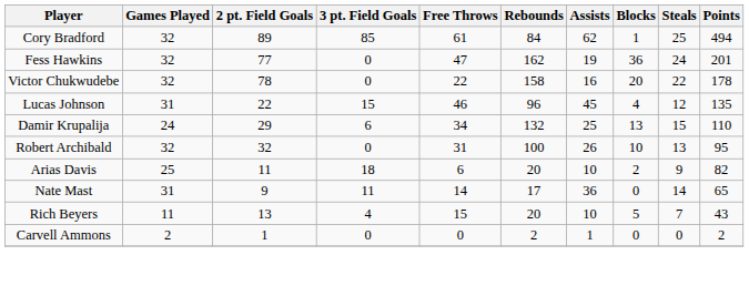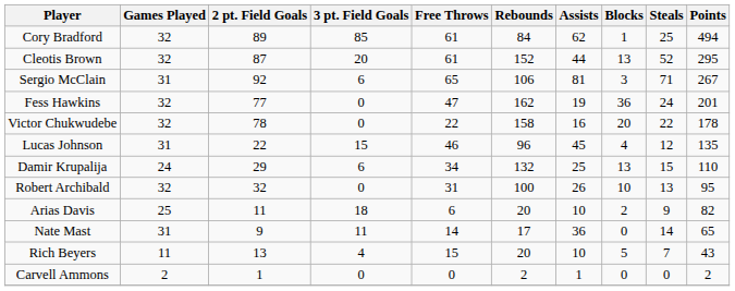 <table class="wikitable sortable" style="text-align:center">
 <tr>
 <th>Player</th>
 <th>Games Played</th>
 <th>2 pt. Field Goals</th>
 <th>3 pt. Field Goals</th>
 <th>Free Throws</th>
 <th>Rebounds</th>
 <th>Assists</th>
 <th>Blocks</th>
 <th>Steals</th>
 <th>Points</th>
 </tr>
 <tr align="center" bgcolor="">
 <td>Cory Bradford</td>
 <td>32</td>
 <td>89</td>
 <td>85</td>
 <td>61</td>
 <td>84</td>
 <td>62</td>
 <td>1</td>
 <td>25</td>
 <td>494</td>
+</tr>
+<tr align="center" bgcolor="">
+<td>Cleotis Brown</td>
+<td>32</td>
+<td>87</td>
+<td>20</td>
+<td>61</td>
+<td>152</td>
+<td>44</td>
+<td>13</td>
+<td>52</td>
+<td>295</td>
+</tr>
+<tr align="center" bgcolor="">
+<td>Sergio McClain</td>
+<td>31</td>
+<td>92</td>
+<td>6</td>
+<td>65</td>
+<td>106</td>
+<td>81</td>
+<td>3</td>
+<td>71</td>
+<td>267</td>
 </tr>
 <tr align="center" bgcolor="">
 <td>Fess Hawkins</td>
 <td>32</td>
 <td>77</td>
 <td>0</td>
 <td>47</td>
 <td>162</td>
 <td>19</td>
 <td>36</td>
 <td>24</td>
 <td>201</td>
 </tr>
 <tr align="center" bgcolor="">
 <td>Victor Chukwudebe</td>
 <td>32</td>
 <td>78</td>
 <td>0</td>
 <td>22</td>
 <td>158</td>
 <td>16</td>
 <td>20</td>
 <td>22</td>
 <td>178</td>
 </tr>
 <tr align="center" bgcolor="">
 <td>Lucas Johnson</td>
 <td>31</td>
 <td>22</td>
 <td>15</td>
 <td>46</td>
 <td>96</td>
 <td>45</td>
 <td>4</td>
 <td>12</td>
 <td>135</td>
 </tr>
 <tr align="center" bgcolor="">
 <td>Damir Krupalija</td>
 <td>24</td>
 <td>29</td>
 <td>6</td>
 <td>34</td>
 <td>132</td>
 <td>25</td>
 <td>13</td>
 <td>15</td>
 <td>110</td>
 </tr>
 <tr align="center" bgcolor="">
 <td>Robert Archibald</td>
 <td>32</td>
 <td>32</td>
 <td>0</td>
 <td>31</td>
 <td>100</td>
 <td>26</td>
 <td>10</td>
 <td>13</td>
 <td>95</td>
 </tr>
 <tr align="center" bgcolor="">
 <td>Arias Davis</td>
 <td>25</td>
 <td>11</td>
 <td>18</td>
 <td>6</td>
 <td>20</td>
 <td>10</td>
 <td>2</td>
 <td>9</td>
 <td>82</td>
 </tr>
 <tr align="center" bgcolor="">
 <td>Nate Mast</td>
 <td>31</td>
 <td>9</td>
 <td>11</td>
 <td>14</td>
 <td>17</td>
 <td>36</td>
 <td>0</td>
 <td>14</td>
 <td>65</td>
 </tr>
 <tr align="center" bgcolor="">
 <td>Rich Beyers</td>
 <td>11</td>
 <td>13</td>
 <td>4</td>
 <td>15</td>
 <td>20</td>
 <td>10</td>
 <td>5</td>
 <td>7</td>
 <td>43</td>
 </tr>
 <tr align="center" bgcolor="">
 <td>Carvell Ammons</td>
 <td>2</td>
 <td>1</td>
 <td>0</td>
 <td>0</td>
 <td>2</td>
 <td>1</td>
 <td>0</td>
 <td>0</td>
 <td>2</td>
 </tr>
 <tr align="center" bgcolor="">
 </tr>
 </table>
